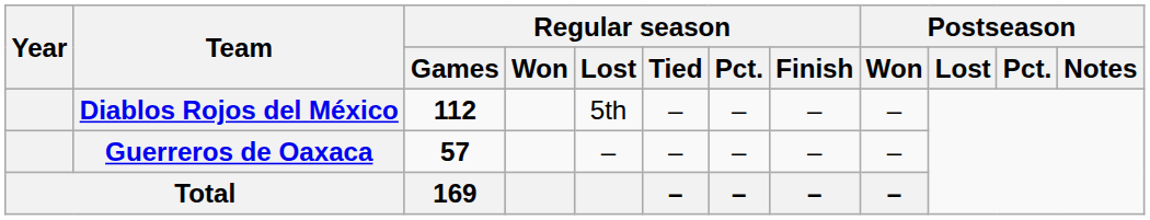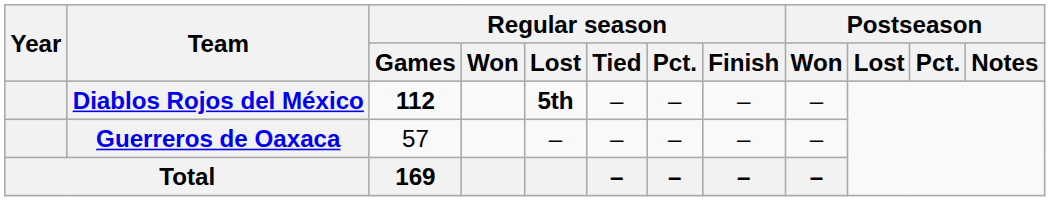 <table class="wikitable" style="font-size: 95%; text-align:center;">
 <tr>
 <th rowspan="2">Year</th>
 <th rowspan="2">Team</th>
 <th colspan="6">Regular season</th>
 <th colspan="4">Postseason</th>
 </tr>
 <tr>
 <th scope=col>Games</th>
 <th scope=col>Won</th>
 <th scope=col>Lost</th>
 <th scope=col>Tied</th>
 <th scope=col>Pct.</th>
 <th scope=col>Finish</th>
 <th scope=col>Won</th>
 <th scope=col>Lost</th>
 <th scope=col>Pct.</th>
 <th scope=col>Notes</th>
 </tr>
 <tr>
 <th></th>
 <th><a href='#'>Diablos Rojos del México</a></th>
 <td><strong>112</strong></td>
 <td></td>
-<td>5th</td>
+<td><strong>5th</strong></td>
 <td>–</td>
 <td>–</td>
 <td>–</td>
 <td>–</td>
 </tr>
 <tr>
 <th></th>
 <th><a href='#'>Guerreros de Oaxaca</a></th>
-<td><strong>57</strong></td>
+<td>57</td>
 <td></td>
 <td>–</td>
 <td>–</td>
 <td>–</td>
 <td>–</td>
 <td>–</td>
 </tr>
 <tr>
 <th colspan="2">Total</th>
 <th>169</th>
 <th></th>
 <th></th>
 <th>–</th>
 <th>–</th>
 <th>–</th>
 <th>–</th>
 </tr>
 </table>
